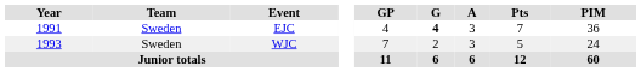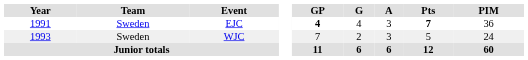 <table border="0" cellpadding="1" cellspacing="0" style="text-align:center; width:50em">
 <tr ALIGN="center" bgcolor="#e0e0e0">
 <th>Year</th>
 <th>Team</th>
 <th>Event</th>
 <th rowspan="99" bgcolor="#ffffff"> </th>
 <th>GP</th>
 <th>G</th>
 <th>A</th>
 <th>Pts</th>
 <th>PIM</th>
 </tr>
 <tr>
 <td><a href='#'>1991</a></td>
 <td><a href='#'>Sweden</a></td>
 <td><a href='#'>EJC</a></td>
+<td><strong>4</strong></td>
 <td>4</td>
-<td><strong>4</strong></td>
 <td>3</td>
-<td>7</td>
+<td><strong>7</strong></td>
 <td>36</td>
 </tr>
 <tr bgcolor="#f0f0f0">
 <td><a href='#'>1993</a></td>
 <td>Sweden</td>
 <td><a href='#'>WJC</a></td>
 <td>7</td>
 <td>2</td>
 <td>3</td>
 <td>5</td>
 <td>24</td>
 </tr>
 <tr bgcolor="#e0e0e0">
 <th colspan=3>Junior totals</th>
 <th>11</th>
 <th>6</th>
 <th>6</th>
 <th>12</th>
 <th>60</th>
 </tr>
 </table>
